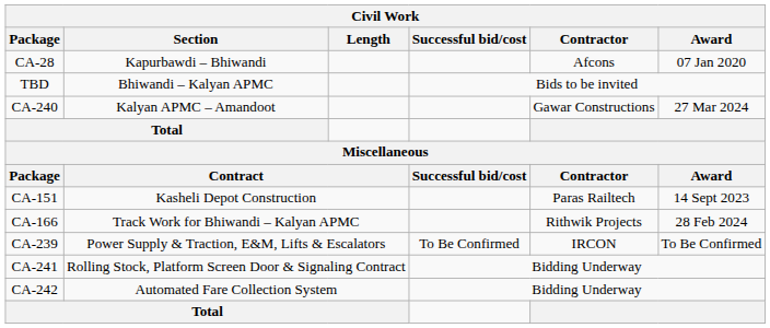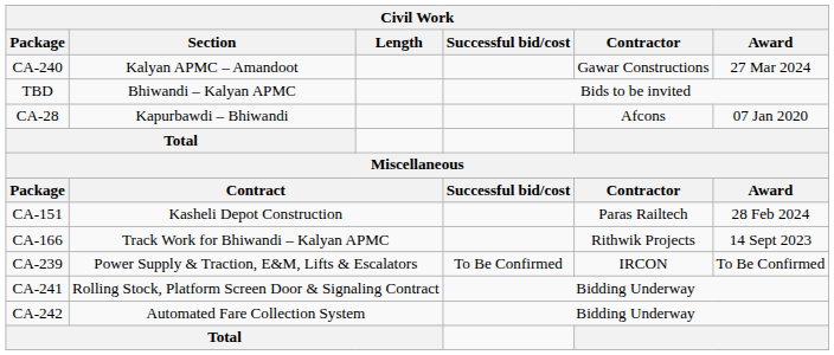 <table class="wikitable" style="text-align:center;margin:auto;">
 <tr>
 <th colspan="6" align="center" style="background:#"><span><strong>Civil Work</strong></span></th>
 </tr>
 <tr>
 <th>Package</th>
 <th>Section</th>
 <th>Length</th>
 <th>Successful bid/cost</th>
 <th>Contractor</th>
 <th>Award</th>
 </tr>
 <tr>
-<td>CA-28</td>
-<td>Kapurbawdi – Bhiwandi</td>
+<td>CA-240</td>
+<td>Kalyan APMC – Amandoot</td>
 <td></td>
 <td></td>
-<td>Afcons</td>
-<td>07 Jan 2020</td>
+<td>Gawar Constructions</td>
+<td>27 Mar 2024</td>
 </tr>
 <tr>
 <td>TBD</td>
 <td>Bhiwandi – Kalyan APMC</td>
 <td></td>
 <td colspan="3">Bids to be invited</td>
 </tr>
 <tr>
-<td>CA-240</td>
-<td>Kalyan APMC – Amandoot</td>
+<td>CA-28</td>
+<td>Kapurbawdi – Bhiwandi</td>
 <td></td>
 <td></td>
-<td>Gawar Constructions</td>
-<td>27 Mar 2024</td>
+<td>Afcons</td>
+<td>07 Jan 2020</td>
 </tr>
 <tr>
 <th colspan="2">Total</th>
 <td></td>
 <td></td>
 <th colspan="2"></th>
 </tr>
 <tr>
 <th colspan="6" align="center" style="background:#"><span> <strong>Miscellaneous</strong></span></th>
 </tr>
 <tr>
 <th>Package</th>
 <th colspan="2">Contract</th>
 <th>Successful bid/cost</th>
 <th>Contractor</th>
 <th>Award</th>
 </tr>
 <tr>
 <td>CA-151</td>
 <td colspan="2">Kasheli Depot Construction</td>
 <td></td>
 <td>Paras Railtech</td>
-<td>14 Sept 2023</td>
+<td>28 Feb 2024</td>
 </tr>
 <tr>
 <td>CA-166</td>
 <td colspan="2">Track Work for Bhiwandi – Kalyan APMC</td>
 <td></td>
 <td>Rithwik Projects</td>
-<td>28 Feb 2024</td>
+<td>14 Sept 2023</td>
 </tr>
 <tr>
 <td>CA-239</td>
 <td colspan="2">Power Supply & Traction, E&M, Lifts & Escalators</td>
 <td>To Be Confirmed</td>
 <td>IRCON</td>
 <td>To Be Confirmed</td>
 </tr>
 <tr>
 <td>CA-241</td>
 <td colspan="2">Rolling Stock, Platform Screen Door & Signaling Contract</td>
 <td colspan="3">Bidding Underway</td>
 </tr>
 <tr>
 <td>CA-242</td>
 <td colspan="2">Automated Fare Collection System</td>
 <td colspan="3">Bidding Underway</td>
 </tr>
 <tr>
 <th colspan="3">Total</th>
 <td></td>
 <th colspan="2"></th>
 </tr>
 </table>
